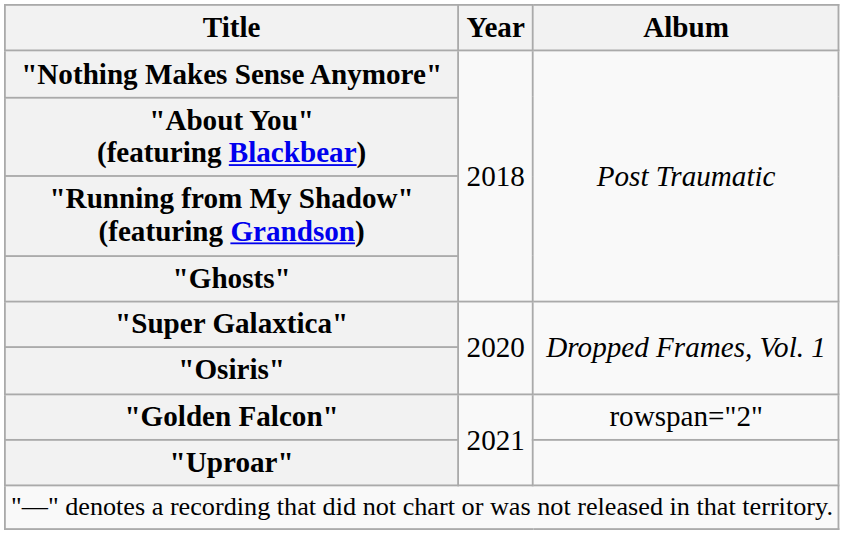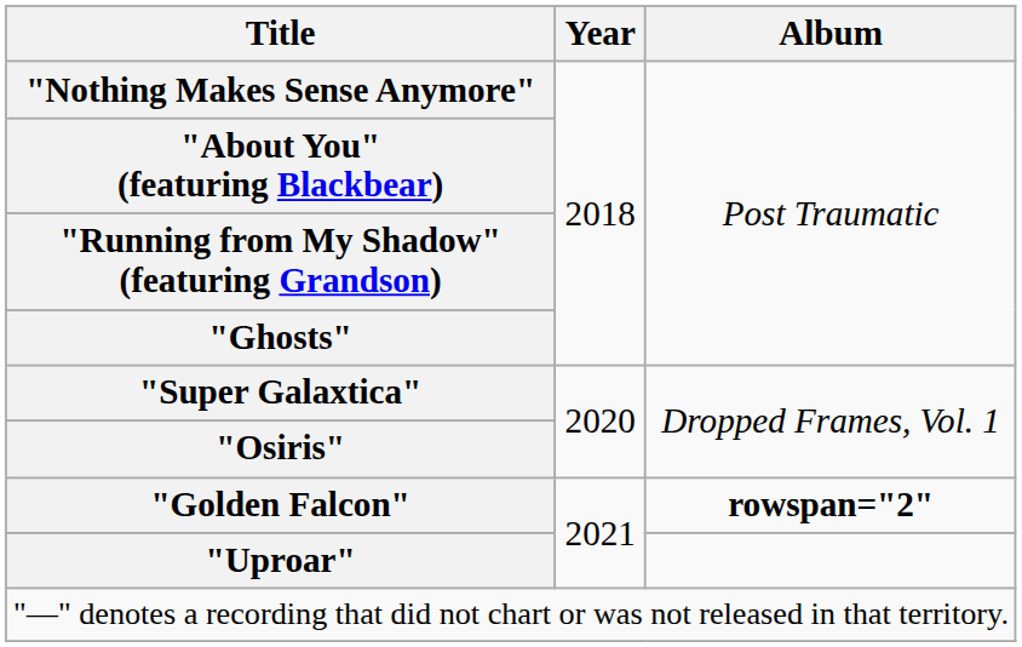 <table class="wikitable plainrowheaders" style="text-align:center;">
 <tr>
 <th>Title</th>
 <th>Year</th>
 <th>Album</th>
 </tr>
 <tr>
 <th scope="row">"Nothing Makes Sense Anymore"</th>
 <td rowspan="4">2018</td>
 <td rowspan="4"><em>Post Traumatic</em></td>
 </tr>
 <tr>
 <th scope="row">"About You" <br><span>(featuring <a href='#'>Blackbear</a>)</span></th>
 </tr>
 <tr>
 <th scope="row">"Running from My Shadow" <br><span>(featuring <a href='#'>Grandson</a>)</span></th>
 </tr>
 <tr>
 <th scope="row">"Ghosts"</th>
 </tr>
 <tr>
 <th scope="row">"Super Galaxtica"</th>
 <td rowspan="2">2020</td>
 <td rowspan="2"><em>Dropped Frames, Vol. 1</em></td>
 </tr>
 <tr>
 <th scope="row">"Osiris"</th>
 </tr>
 <tr>
 <th scope="row">"Golden Falcon"</th>
 <td rowspan="2">2021</td>
-<td>rowspan="2" </td>
+<td><strong>rowspan="2" </strong></td>
 </tr>
 <tr>
 <th scope="row">"Uproar"</th>
 </tr>
 <tr>
 <td colspan="13" style="font-size:90%">"—" denotes a recording that did not chart or was not released in that territory.</td>
 </tr>
 </table>
